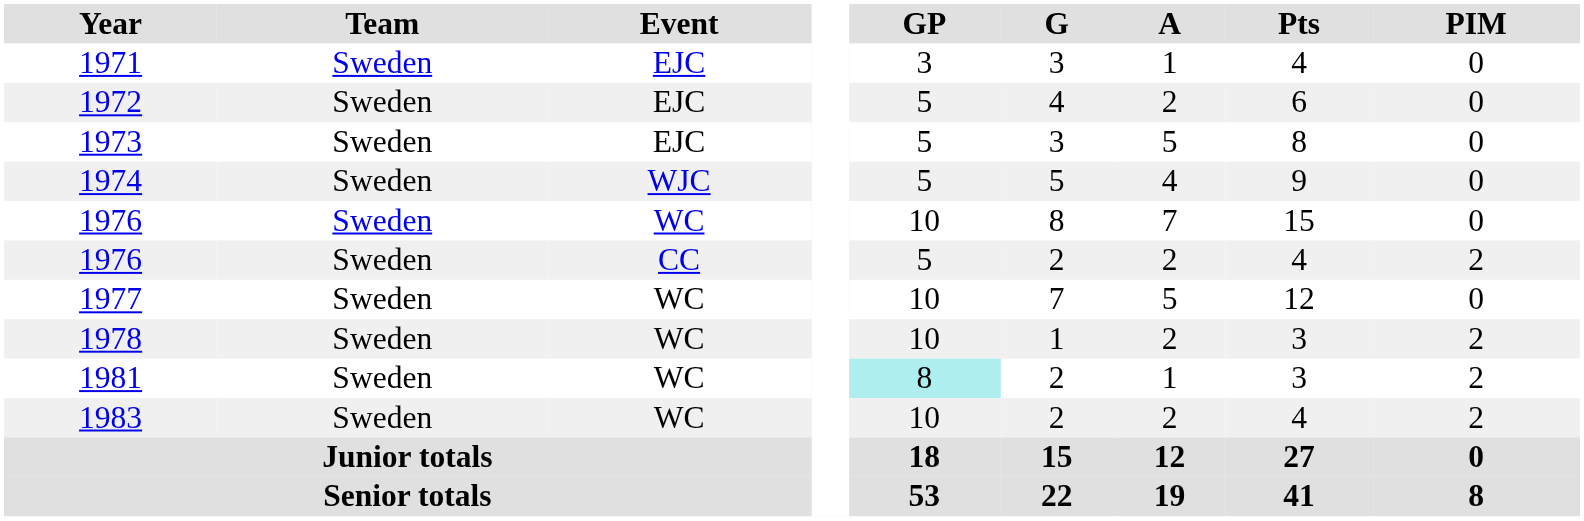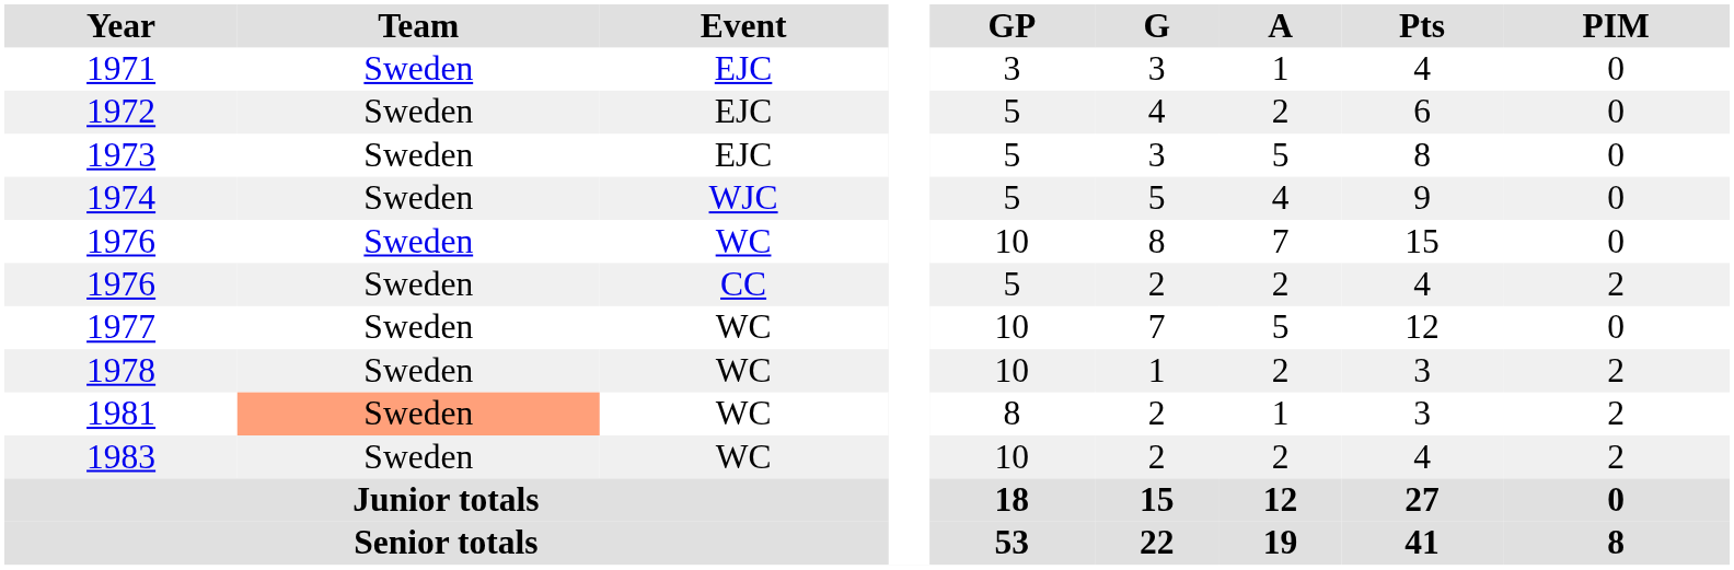 <table border="0" cellpadding="1" cellspacing="0" style="text-align:center; width:50em">
 <tr ALIGN="center" bgcolor="#e0e0e0">
 <th>Year</th>
 <th>Team</th>
 <th>Event</th>
 <th rowspan="99" bgcolor="#ffffff"> </th>
 <th>GP</th>
 <th>G</th>
 <th>A</th>
 <th>Pts</th>
 <th>PIM</th>
 </tr>
 <tr>
 <td><a href='#'>1971</a></td>
 <td><a href='#'>Sweden</a></td>
 <td><a href='#'>EJC</a></td>
 <td>3</td>
 <td>3</td>
 <td>1</td>
 <td>4</td>
 <td>0</td>
 </tr>
 <tr bgcolor="#f0f0f0">
 <td><a href='#'>1972</a></td>
 <td>Sweden</td>
 <td>EJC</td>
 <td>5</td>
 <td>4</td>
 <td>2</td>
 <td>6</td>
 <td>0</td>
 </tr>
 <tr>
 <td><a href='#'>1973</a></td>
 <td>Sweden</td>
 <td>EJC</td>
 <td>5</td>
 <td>3</td>
 <td>5</td>
 <td>8</td>
 <td>0</td>
 </tr>
 <tr bgcolor="#f0f0f0">
 <td><a href='#'>1974</a></td>
 <td>Sweden</td>
 <td><a href='#'>WJC</a></td>
 <td>5</td>
 <td>5</td>
 <td>4</td>
 <td>9</td>
 <td>0</td>
 </tr>
 <tr>
 <td><a href='#'>1976</a></td>
 <td><a href='#'>Sweden</a></td>
 <td><a href='#'>WC</a></td>
 <td>10</td>
 <td>8</td>
 <td>7</td>
 <td>15</td>
 <td>0</td>
 </tr>
 <tr bgcolor="#f0f0f0">
 <td><a href='#'>1976</a></td>
 <td>Sweden</td>
 <td><a href='#'>CC</a></td>
 <td>5</td>
 <td>2</td>
 <td>2</td>
 <td>4</td>
 <td>2</td>
 </tr>
 <tr>
 <td><a href='#'>1977</a></td>
 <td>Sweden</td>
 <td>WC</td>
 <td>10</td>
 <td>7</td>
 <td>5</td>
 <td>12</td>
 <td>0</td>
 </tr>
 <tr bgcolor="#f0f0f0">
 <td><a href='#'>1978</a></td>
 <td>Sweden</td>
 <td>WC</td>
 <td>10</td>
 <td>1</td>
 <td>2</td>
 <td>3</td>
 <td>2</td>
 </tr>
 <tr>
 <td><a href='#'>1981</a></td>
-<td>Sweden</td>
+<td style="background: lightsalmon;">Sweden</td>
 <td>WC</td>
-<td style="background: paleturquoise;">8</td>
+<td>8</td>
 <td>2</td>
 <td>1</td>
 <td>3</td>
 <td>2</td>
 </tr>
 <tr bgcolor="#f0f0f0">
 <td><a href='#'>1983</a></td>
 <td>Sweden</td>
 <td>WC</td>
 <td>10</td>
 <td>2</td>
 <td>2</td>
 <td>4</td>
 <td>2</td>
 </tr>
 <tr bgcolor="#e0e0e0">
 <th colspan=3>Junior totals</th>
 <th>18</th>
 <th>15</th>
 <th>12</th>
 <th>27</th>
 <th>0</th>
 </tr>
 <tr bgcolor="#e0e0e0">
 <th colspan=3>Senior totals</th>
 <th>53</th>
 <th>22</th>
 <th>19</th>
 <th>41</th>
 <th>8</th>
 </tr>
 </table>
